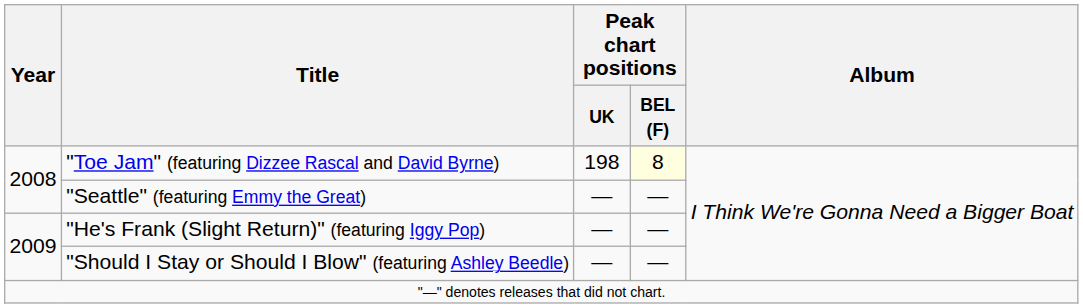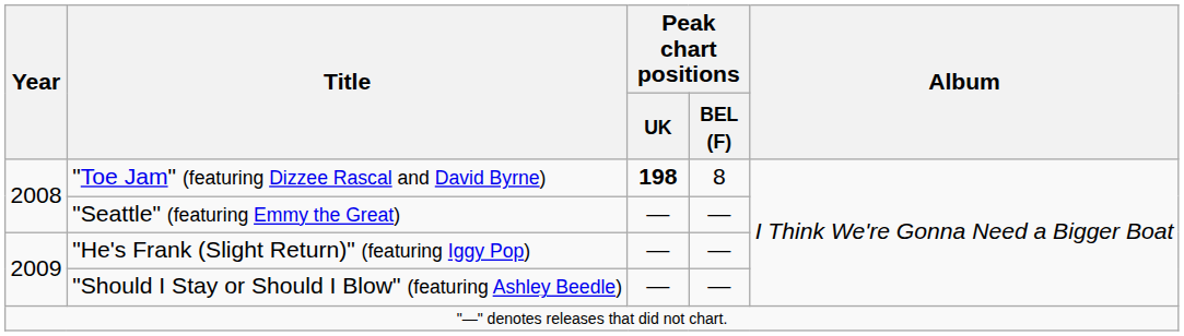 <table class="wikitable" style="text-align:center;">
 <tr>
 <th rowspan="2">Year</th>
 <th rowspan="2">Title</th>
 <th colspan="2">Peak chart positions</th>
 <th rowspan="2">Album</th>
 </tr>
 <tr style="line-height:1.2">
 <th width="35"><small>UK<br></small></th>
 <th width="35"><small>BEL<br>(F)<br></small></th>
 </tr>
 <tr>
 <td rowspan="2">2008</td>
 <td align="left">"<a href='#'>Toe Jam</a>" <small>(featuring <a href='#'>Dizzee Rascal</a> and <a href='#'>David Byrne</a>) </small></td>
-<td style="text-align:center;">198</td>
-<td style="background: lightyellow; text-align:center;">8</td>
+<td style="text-align:center;"><strong>198</strong></td>
+<td style="text-align:center;">8</td>
 <td rowspan="4"><em>I Think We're Gonna Need a Bigger Boat</em></td>
 </tr>
 <tr>
 <td align="left">"Seattle" <small>(featuring <a href='#'>Emmy the Great</a>)</small></td>
 <td style="text-align:center;">—</td>
 <td style="text-align:center;">—</td>
 </tr>
 <tr>
 <td rowspan="2">2009</td>
 <td align="left">"He's Frank (Slight Return)" <small>(featuring <a href='#'>Iggy Pop</a>)</small></td>
 <td style="text-align:center;">—</td>
 <td style="text-align:center;">—</td>
 </tr>
 <tr>
 <td align="left">"Should I Stay or Should I Blow" <small>(featuring <a href='#'>Ashley Beedle</a>)</small></td>
 <td style="text-align:center;">—</td>
 <td style="text-align:center;">—</td>
 </tr>
 <tr>
 <td colspan="6" style="text-align:center; font-size:8pt;">"—" denotes releases that did not chart.</td>
 </tr>
 </table>
